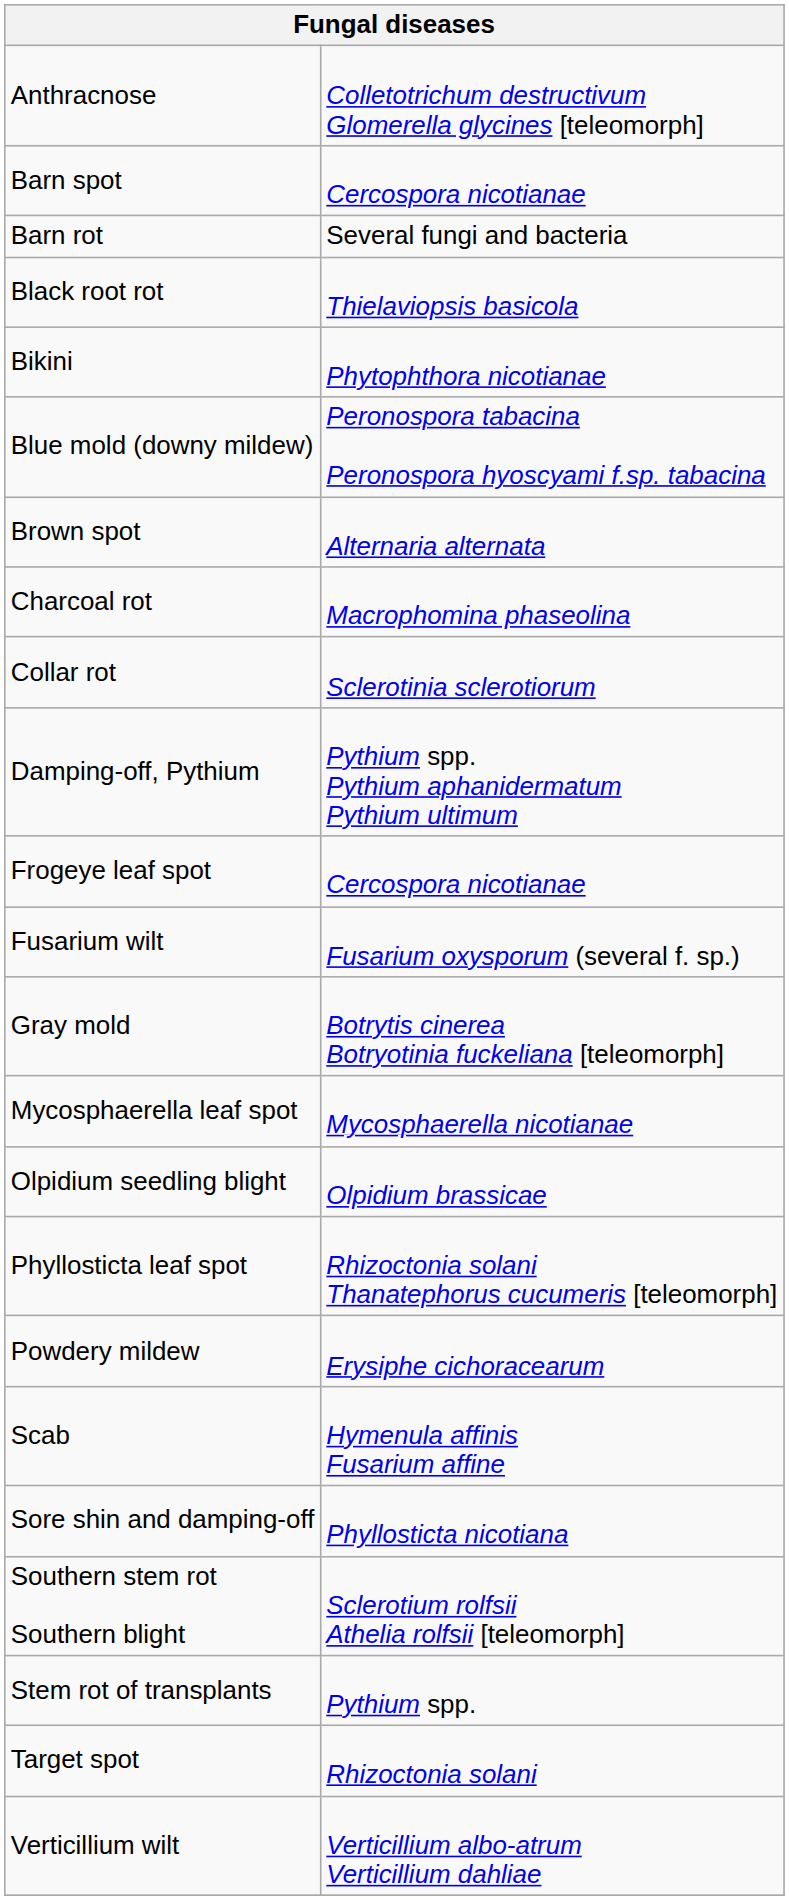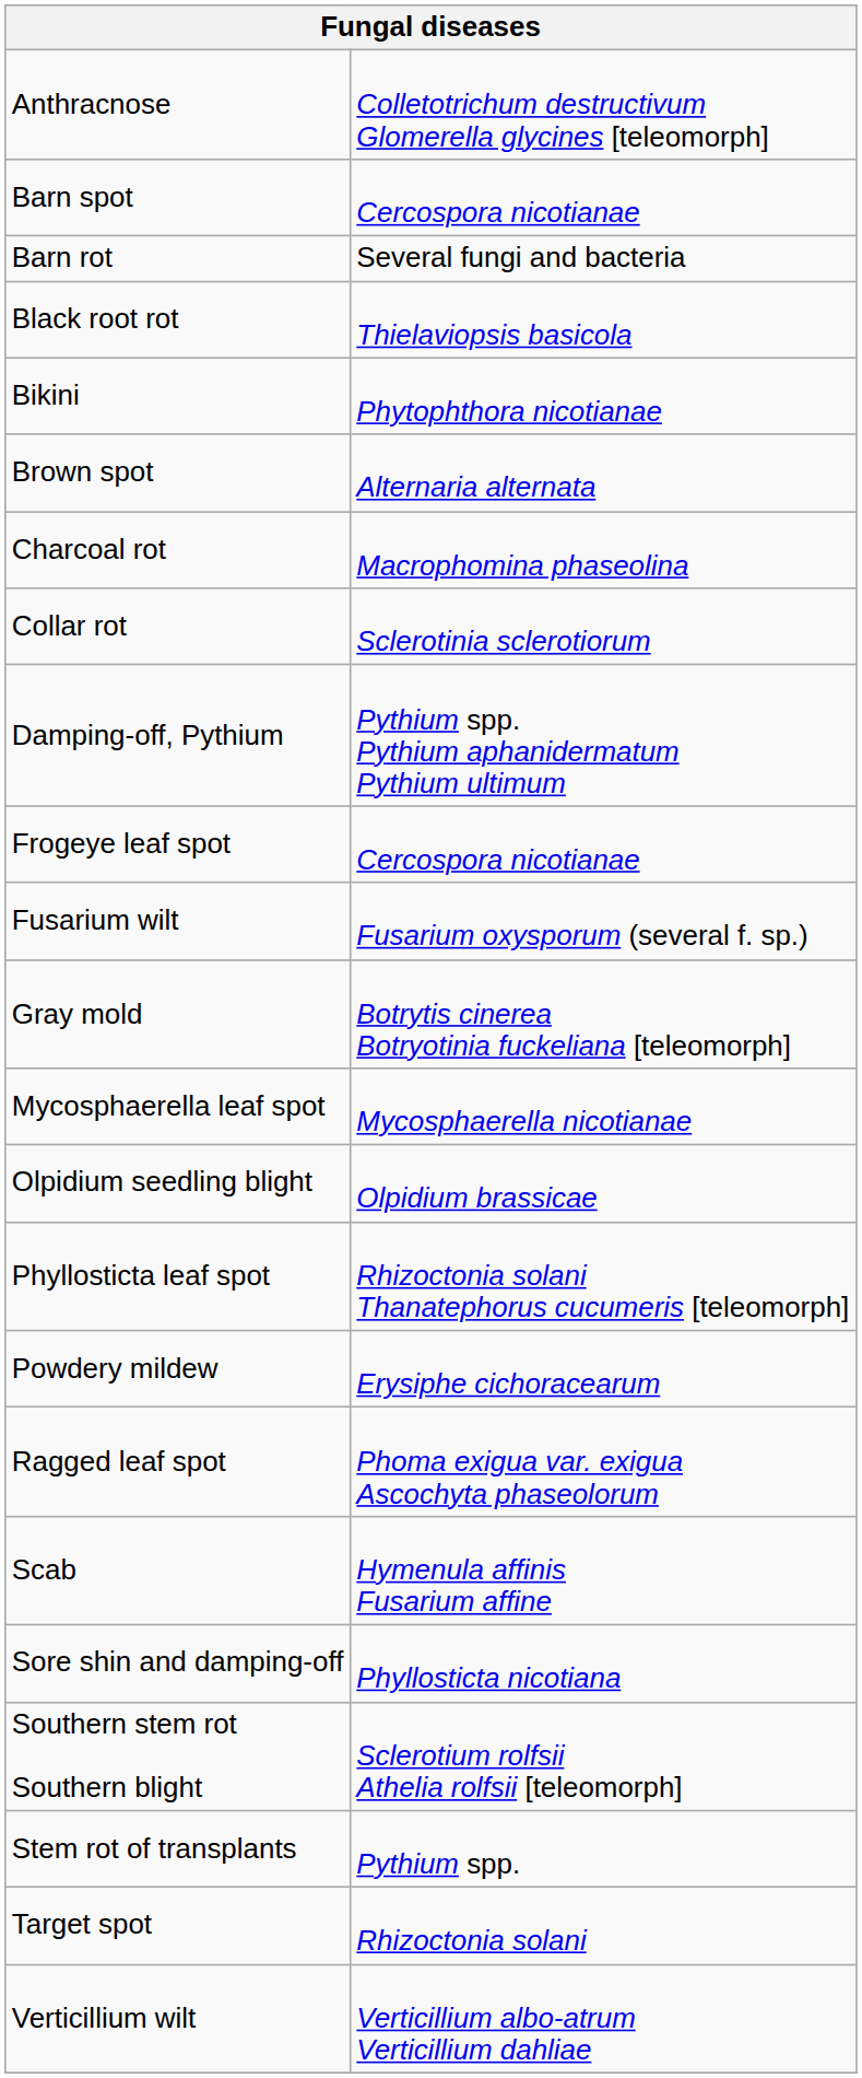 <table class="wikitable" style="clear">
 <tr>
 <th colspan=2><strong>Fungal diseases</strong><br></th>
 </tr>
 <tr>
 <td>Anthracnose</td>
 <td><br><em><a href='#'>Colletotrichum destructivum</a></em><br> <em><a href='#'>Glomerella glycines</a></em> [teleomorph]</td>
 </tr>
 <tr>
 <td>Barn spot</td>
 <td><br><em><a href='#'>Cercospora nicotianae</a></em></td>
 </tr>
 <tr>
 <td>Barn rot</td>
 <td>Several fungi and bacteria</td>
 </tr>
 <tr>
 <td>Black root rot</td>
 <td><br><em><a href='#'>Thielaviopsis basicola</a></em></td>
 </tr>
 <tr>
 <td>Bikini</td>
 <td><br><em><a href='#'>Phytophthora nicotianae</a></em></td>
-</tr>
-<tr>
-<td>Blue mold (downy mildew)</td>
-<td><em><a href='#'>Peronospora tabacina</a></em> <br><br> <em><a href='#'>Peronospora hyoscyami f.sp. tabacina</a></em></td>
 </tr>
 <tr>
 <td>Brown spot</td>
 <td><br><em><a href='#'>Alternaria alternata</a></em></td>
 </tr>
 <tr>
 <td>Charcoal rot</td>
 <td><br><em><a href='#'>Macrophomina phaseolina</a></em></td>
 </tr>
 <tr>
 <td>Collar rot</td>
 <td><br><em><a href='#'>Sclerotinia sclerotiorum</a></em></td>
 </tr>
 <tr>
 <td>Damping-off, Pythium</td>
 <td><br><em><a href='#'>Pythium</a></em> spp. <br> <em><a href='#'>Pythium aphanidermatum</a></em><br> <em><a href='#'>Pythium ultimum</a></em></td>
 </tr>
 <tr>
 <td>Frogeye leaf spot</td>
 <td><br><em><a href='#'>Cercospora nicotianae</a></em></td>
 </tr>
 <tr>
 <td>Fusarium wilt</td>
 <td><br><em><a href='#'>Fusarium oxysporum</a></em> (several f. sp.)</td>
 </tr>
 <tr>
 <td>Gray mold</td>
 <td><br><em><a href='#'>Botrytis cinerea</a></em><br> <em><a href='#'>Botryotinia fuckeliana</a></em> [teleomorph]</td>
 </tr>
 <tr>
 <td>Mycosphaerella leaf spot</td>
 <td><br><em><a href='#'>Mycosphaerella nicotianae</a></em></td>
 </tr>
 <tr>
 <td>Olpidium seedling blight</td>
 <td><br><em><a href='#'>Olpidium brassicae</a></em></td>
 </tr>
 <tr>
 <td>Phyllosticta leaf spot</td>
 <td><br><em><a href='#'>Rhizoctonia solani</a></em><br> <em><a href='#'>Thanatephorus cucumeris</a></em> [teleomorph]</td>
 </tr>
 <tr>
 <td>Powdery mildew</td>
 <td><br><em><a href='#'>Erysiphe cichoracearum</a></em></td>
 </tr>
 <tr>
+<td>Ragged leaf spot</td>
+<td><br><em><a href='#'>Phoma exigua var. exigua</a></em> <br>  <em><a href='#'>Ascochyta phaseolorum</a></em></td>
+</tr>
+<tr>
 <td>Scab</td>
 <td><br><em><a href='#'>Hymenula affinis</a></em> <br>  <em><a href='#'>Fusarium affine</a></em></td>
 </tr>
 <tr>
 <td>Sore shin and damping-off</td>
 <td><br><em><a href='#'>Phyllosticta nicotiana</a></em></td>
 </tr>
 <tr>
 <td>Southern stem rot<br><br>Southern blight</td>
 <td><br><em><a href='#'>Sclerotium rolfsii</a></em><br> <em><a href='#'>Athelia rolfsii</a></em> [teleomorph]</td>
 </tr>
 <tr>
 <td>Stem rot of transplants</td>
 <td><br><em><a href='#'>Pythium</a></em> spp.</td>
 </tr>
 <tr>
 <td>Target spot</td>
 <td><br><em><a href='#'>Rhizoctonia solani</a></em></td>
 </tr>
 <tr>
 <td>Verticillium wilt</td>
 <td><br><em><a href='#'>Verticillium albo-atrum</a></em><br> <em><a href='#'>Verticillium dahliae</a></em></td>
 </tr>
 <tr>
 </tr>
 </table>
